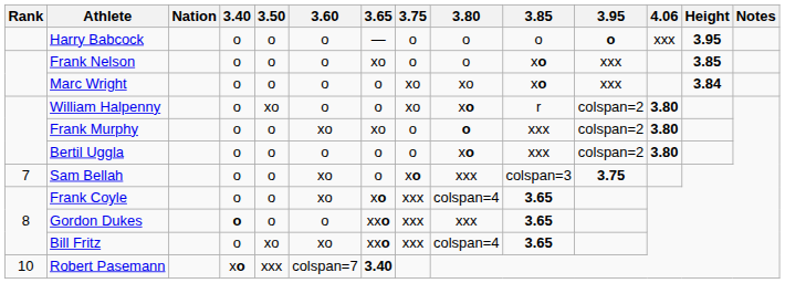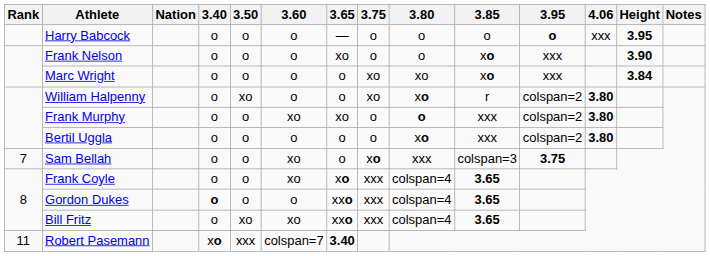 <table class="wikitable sortable" style="text-align:center;">
 <tr>
 <th>Rank</th>
 <th>Athlete</th>
 <th>Nation</th>
 <th>3.40</th>
 <th>3.50</th>
 <th>3.60</th>
 <th>3.65</th>
 <th>3.75</th>
 <th>3.80</th>
 <th>3.85</th>
 <th>3.95</th>
 <th>4.06</th>
 <th>Height</th>
 <th>Notes</th>
 </tr>
 <tr>
 <td></td>
 <td align=left><a href='#'>Harry Babcock</a></td>
 <td align=left></td>
 <td>o</td>
 <td>o</td>
 <td>o</td>
 <td>—</td>
 <td>o</td>
 <td>o</td>
 <td>o</td>
 <td><strong>o</strong></td>
 <td>xxx</td>
 <td><strong>3.95</strong></td>
 <td></td>
 </tr>
 <tr>
 <td rowspan=2></td>
 <td align=left><a href='#'>Frank Nelson</a></td>
 <td align=left></td>
 <td>o</td>
 <td>o</td>
 <td>o</td>
 <td>xo</td>
 <td>o</td>
 <td>o</td>
 <td>x<strong>o</strong></td>
 <td>xxx</td>
 <td></td>
-<td><strong>3.85</strong></td>
+<td><strong>3.90</strong></td>
 <td></td>
 </tr>
 <tr>
 <td align=left><a href='#'>Marc Wright</a></td>
 <td align=left></td>
 <td>o</td>
 <td>o</td>
 <td>o</td>
 <td>o</td>
 <td>xo</td>
 <td>xo</td>
 <td>x<strong>o</strong></td>
 <td>xxx</td>
 <td></td>
 <td><strong>3.84</strong></td>
 <td></td>
 </tr>
 <tr>
 <td rowspan=3></td>
 <td align=left><a href='#'>William Halpenny</a></td>
 <td align=left></td>
 <td>o</td>
 <td>xo</td>
 <td>o</td>
 <td>o</td>
 <td>xo</td>
 <td>x<strong>o</strong></td>
 <td>r</td>
 <td>colspan=2 </td>
 <td><strong>3.80</strong></td>
 <td></td>
 </tr>
 <tr>
 <td align=left><a href='#'>Frank Murphy</a></td>
 <td align=left></td>
 <td>o</td>
 <td>o</td>
 <td>xo</td>
 <td>xo</td>
 <td>o</td>
 <td><strong>o</strong></td>
 <td>xxx</td>
 <td>colspan=2 </td>
 <td><strong>3.80</strong></td>
 <td></td>
 </tr>
 <tr>
 <td align=left><a href='#'>Bertil Uggla</a></td>
 <td align=left></td>
 <td>o</td>
 <td>o</td>
 <td>o</td>
 <td>o</td>
 <td>o</td>
 <td>x<strong>o</strong></td>
 <td>xxx</td>
 <td>colspan=2 </td>
 <td><strong>3.80</strong></td>
 <td></td>
 </tr>
 <tr>
 <td>7</td>
 <td align=left><a href='#'>Sam Bellah</a></td>
 <td align=left></td>
 <td>o</td>
 <td>o</td>
 <td>xo</td>
 <td>o</td>
 <td>x<strong>o</strong></td>
 <td>xxx</td>
 <td>colspan=3 </td>
 <td><strong>3.75</strong></td>
 <td></td>
 </tr>
 <tr>
 <td rowspan=3>8</td>
 <td align=left><a href='#'>Frank Coyle</a></td>
 <td align=left></td>
 <td>o</td>
 <td>o</td>
 <td>xo</td>
 <td>x<strong>o</strong></td>
 <td>xxx</td>
 <td>colspan=4 </td>
 <td><strong>3.65</strong></td>
 <td></td>
 </tr>
 <tr>
 <td align=left><a href='#'>Gordon Dukes</a></td>
 <td align=left></td>
 <td><strong>o</strong></td>
 <td>o</td>
 <td>o</td>
 <td>xx<strong>o</strong></td>
 <td>xxx</td>
-<td>xxx</td>
+<td>colspan=4 </td>
 <td><strong>3.65</strong></td>
 <td></td>
 </tr>
 <tr>
 <td align=left><a href='#'>Bill Fritz</a></td>
 <td align=left></td>
 <td>o</td>
 <td>xo</td>
 <td>xo</td>
 <td>xx<strong>o</strong></td>
 <td>xxx</td>
 <td>colspan=4 </td>
 <td><strong>3.65</strong></td>
 <td></td>
 </tr>
 <tr>
-<td>10</td>
+<td>11</td>
 <td align=left><a href='#'>Robert Pasemann</a></td>
 <td align=left></td>
 <td>x<strong>o</strong></td>
 <td>xxx</td>
 <td>colspan=7 </td>
 <td><strong>3.40</strong></td>
 <td></td>
 </tr>
 </table>
